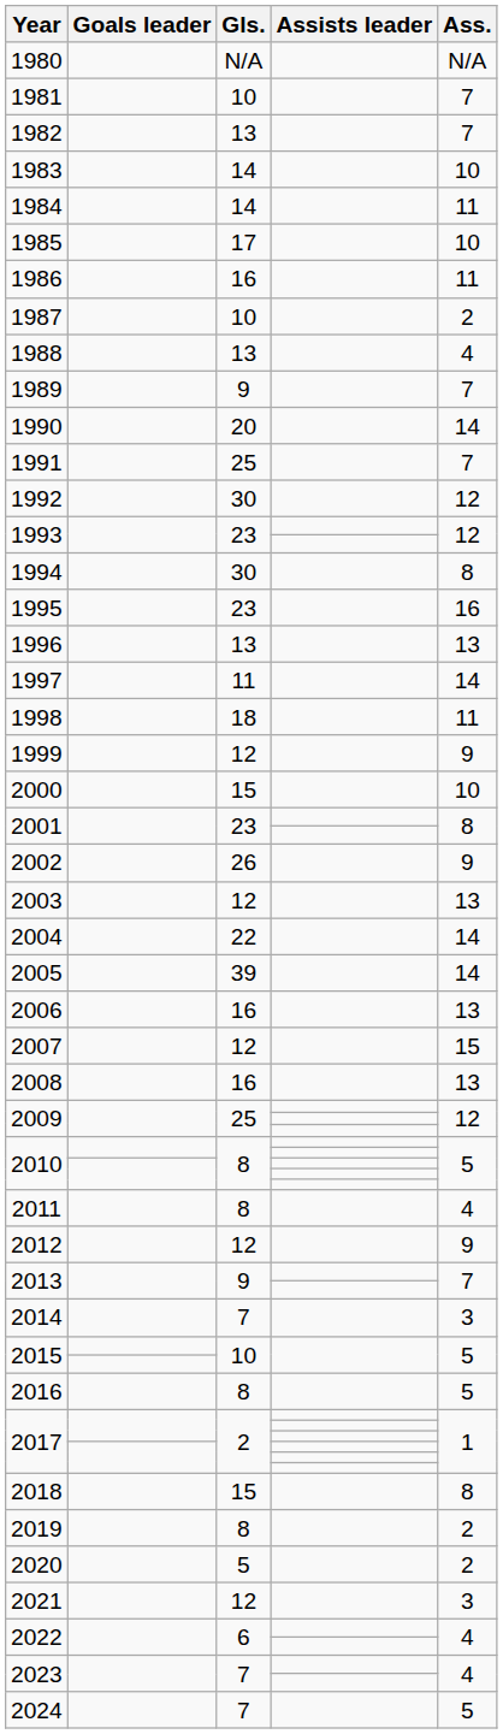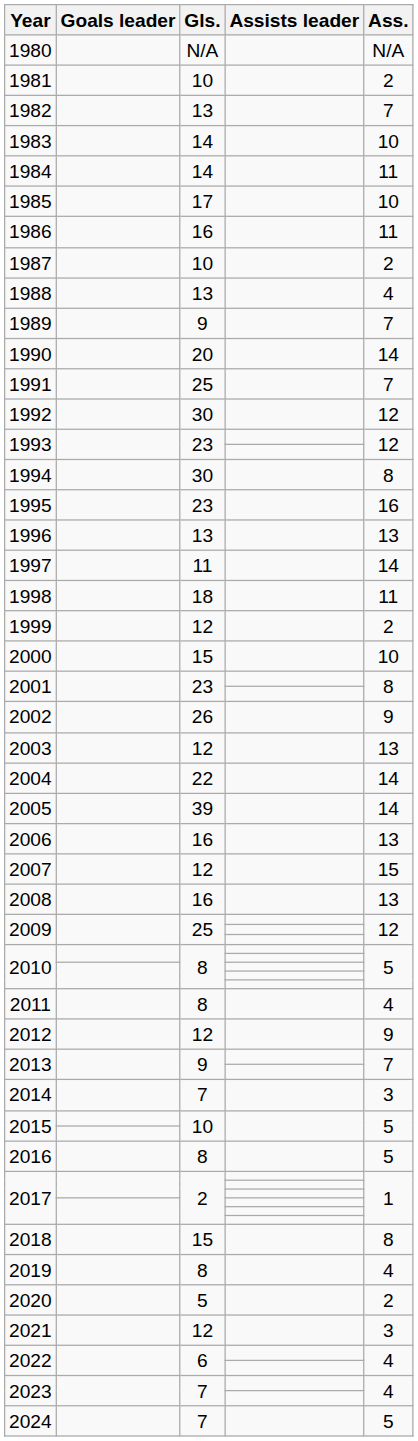 <table class="wikitable sortable" style="font-size: 95%;text-align: center;">
 <tr>
 <th width=px>Year</th>
 <th width=px>Goals leader</th>
 <th width=px>Gls.</th>
 <th width=px>Assists leader</th>
 <th width=px>Ass.</th>
 </tr>
 <tr>
 <td>1980</td>
 <td></td>
 <td>N/A</td>
 <td></td>
 <td>N/A</td>
 </tr>
 <tr>
 <td>1981</td>
 <td></td>
 <td>10</td>
 <td></td>
-<td>7</td>
+<td>2</td>
 </tr>
 <tr>
 <td>1982</td>
 <td></td>
 <td>13</td>
 <td></td>
 <td>7</td>
 </tr>
 <tr>
 <td>1983</td>
 <td></td>
 <td>14</td>
 <td></td>
 <td>10</td>
 </tr>
 <tr>
 <td>1984</td>
 <td></td>
 <td>14</td>
 <td></td>
 <td>11</td>
 </tr>
 <tr>
 <td>1985</td>
 <td></td>
 <td>17</td>
 <td></td>
 <td>10</td>
 </tr>
 <tr>
 <td>1986</td>
 <td></td>
 <td>16</td>
 <td></td>
 <td>11</td>
 </tr>
 <tr>
 <td>1987</td>
 <td></td>
 <td>10</td>
 <td></td>
 <td>2</td>
 </tr>
 <tr>
 <td>1988</td>
 <td></td>
 <td>13</td>
 <td></td>
 <td>4</td>
 </tr>
 <tr>
 <td>1989</td>
 <td></td>
 <td>9</td>
 <td></td>
 <td>7</td>
 </tr>
 <tr>
 <td>1990</td>
 <td></td>
 <td>20</td>
 <td></td>
 <td>14</td>
 </tr>
 <tr>
 <td>1991</td>
 <td></td>
 <td>25</td>
 <td></td>
 <td>7</td>
 </tr>
 <tr>
 <td>1992</td>
 <td></td>
 <td>30</td>
 <td></td>
 <td>12</td>
 </tr>
 <tr>
 <td rowspan=2>1993</td>
 <td rowspan=2></td>
 <td rowspan=2>23</td>
 <td></td>
 <td rowspan=2>12</td>
 </tr>
 <tr>
 <td></td>
 </tr>
 <tr>
 <td>1994</td>
 <td></td>
 <td>30</td>
 <td></td>
 <td>8</td>
 </tr>
 <tr>
 <td>1995</td>
 <td></td>
 <td>23</td>
 <td></td>
 <td>16</td>
 </tr>
 <tr>
 <td>1996</td>
 <td></td>
 <td>13</td>
 <td></td>
 <td>13</td>
 </tr>
 <tr>
 <td>1997</td>
 <td></td>
 <td>11</td>
 <td></td>
 <td>14</td>
 </tr>
 <tr>
 <td>1998</td>
 <td></td>
 <td>18</td>
 <td></td>
 <td>11</td>
 </tr>
 <tr>
 <td>1999</td>
 <td></td>
 <td>12</td>
 <td></td>
-<td>9</td>
+<td>2</td>
 </tr>
 <tr>
 <td>2000</td>
 <td></td>
 <td>15</td>
 <td></td>
 <td>10</td>
 </tr>
 <tr>
 <td rowspan=2>2001</td>
 <td rowspan=2></td>
 <td rowspan=2>23</td>
 <td></td>
 <td rowspan=2>8</td>
 </tr>
 <tr>
 <td></td>
 </tr>
 <tr>
 <td>2002</td>
 <td></td>
 <td>26</td>
 <td></td>
 <td>9</td>
 </tr>
 <tr>
 <td>2003</td>
 <td></td>
 <td>12</td>
 <td></td>
 <td>13</td>
 </tr>
 <tr>
 <td>2004</td>
 <td></td>
 <td>22</td>
 <td></td>
 <td>14</td>
 </tr>
 <tr>
 <td>2005</td>
 <td></td>
 <td>39</td>
 <td></td>
 <td>14</td>
 </tr>
 <tr>
 <td>2006</td>
 <td></td>
 <td>16</td>
 <td></td>
 <td>13</td>
 </tr>
 <tr>
 <td>2007</td>
 <td></td>
 <td>12</td>
 <td></td>
 <td>15</td>
 </tr>
 <tr>
 <td>2008</td>
 <td></td>
 <td>16</td>
 <td></td>
 <td>13</td>
 </tr>
 <tr>
 <td rowspan=3>2009</td>
 <td rowspan=3></td>
 <td rowspan=3>25</td>
 <td></td>
 <td rowspan=3>12</td>
 </tr>
 <tr>
 <td></td>
 </tr>
 <tr>
 <td></td>
 </tr>
 <tr>
 <td rowspan=5>2010</td>
 <td rowspan=2></td>
 <td rowspan=5>8</td>
 <td></td>
 <td rowspan=5>5</td>
 </tr>
 <tr>
 <td></td>
 </tr>
 <tr>
 <td rowspan=3></td>
 <td></td>
 </tr>
 <tr>
 <td></td>
 </tr>
 <tr>
 <td></td>
 </tr>
 <tr>
 <td>2011</td>
 <td></td>
 <td>8</td>
 <td></td>
 <td>4</td>
 </tr>
 <tr>
 <td>2012</td>
 <td></td>
 <td>12</td>
 <td></td>
 <td>9</td>
 </tr>
 <tr>
 <td rowspan=2>2013</td>
 <td rowspan=2></td>
 <td rowspan=2>9</td>
 <td></td>
 <td rowspan=2>7</td>
 </tr>
 <tr>
 <td></td>
 </tr>
 <tr>
 <td>2014</td>
 <td></td>
 <td>7</td>
 <td></td>
 <td>3</td>
 </tr>
 <tr>
 <td rowspan=2>2015</td>
 <td></td>
 <td rowspan=2>10</td>
 <td rowspan=2></td>
 <td rowspan=2>5</td>
 </tr>
 <tr>
 <td></td>
 </tr>
 <tr>
 <td>2016</td>
 <td></td>
 <td>8</td>
 <td></td>
 <td>5</td>
 </tr>
 <tr>
 <td rowspan=6>2017</td>
 <td rowspan=3></td>
 <td rowspan=6>2</td>
 <td></td>
 <td rowspan=6>1</td>
 </tr>
 <tr>
 <td></td>
 </tr>
 <tr>
 <td></td>
 </tr>
 <tr>
 <td rowspan=3></td>
 <td></td>
 </tr>
 <tr>
 <td></td>
 </tr>
 <tr>
 <td></td>
 </tr>
 <tr>
 <td>2018</td>
 <td></td>
 <td>15</td>
 <td></td>
 <td>8</td>
 </tr>
 <tr>
 <td>2019</td>
 <td></td>
 <td>8</td>
 <td></td>
-<td>2</td>
+<td>4</td>
 </tr>
 <tr>
 <td>2020</td>
 <td></td>
 <td>5</td>
 <td></td>
 <td>2</td>
 </tr>
 <tr>
 <td>2021</td>
 <td></td>
 <td>12</td>
 <td></td>
 <td>3</td>
 </tr>
 <tr>
 <td rowspan=2>2022</td>
 <td rowspan=2></td>
 <td rowspan=2>6</td>
 <td></td>
 <td rowspan=2>4</td>
 </tr>
 <tr>
 <td></td>
 </tr>
 <tr>
 <td rowspan=2>2023</td>
 <td rowspan=2></td>
 <td rowspan=2>7</td>
 <td></td>
 <td rowspan=2>4</td>
 </tr>
 <tr>
 <td></td>
 </tr>
 <tr>
 <td>2024</td>
 <td></td>
 <td>7</td>
 <td></td>
 <td>5</td>
 </tr>
 </table>
